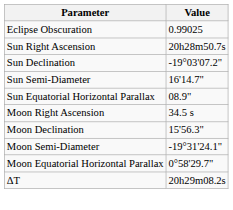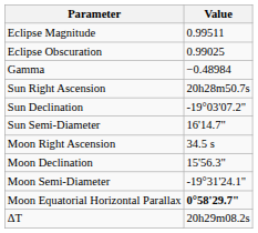 <table class="wikitable">
 <tr>
 <th>Parameter</th>
 <th>Value</th>
 </tr>
 <tr>
+<td>Eclipse Magnitude</td>
+<td>0.99511</td>
+</tr>
+<tr>
 <td>Eclipse Obscuration</td>
 <td>0.99025</td>
+</tr>
+<tr>
+<td>Gamma</td>
+<td>−0.48984</td>
 </tr>
 <tr>
 <td>Sun Right Ascension</td>
 <td>20h28m50.7s</td>
 </tr>
 <tr>
 <td>Sun Declination</td>
 <td>-19°03'07.2"</td>
 </tr>
 <tr>
 <td>Sun Semi-Diameter</td>
 <td>16'14.7"</td>
-</tr>
-<tr>
-<td>Sun Equatorial Horizontal Parallax</td>
-<td>08.9"</td>
 </tr>
 <tr>
 <td>Moon Right Ascension</td>
 <td>34.5 s</td>
 </tr>
 <tr>
 <td>Moon Declination</td>
 <td>15'56.3"</td>
 </tr>
 <tr>
 <td>Moon Semi-Diameter</td>
 <td>-19°31'24.1"</td>
 </tr>
 <tr>
 <td>Moon Equatorial Horizontal Parallax</td>
-<td>0°58'29.7"</td>
+<td><strong>0°58'29.7"</strong></td>
 </tr>
 <tr>
 <td>ΔT</td>
 <td>20h29m08.2s</td>
 </tr>
 </table>
